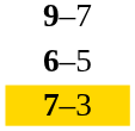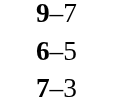 <table style="text-align:center" width=500>
 <tr>
 <th width=30%></th>
 <th width=10%></th>
 <th width=30%></th>
 <th width=10%></th>
 </tr>
 <tr>
 <td align="right"><strong></strong></td>
 <td><strong>9</strong>–7</td>
 <td align="left"></td>
 </tr>
 <tr>
 <td align="right"><strong></strong></td>
 <td><strong>6</strong>–5</td>
 <td align="left"></td>
 </tr>
 <tr>
 <td align="right"><strong></strong></td>
-<td style="background: gold;"><strong>7</strong>–3</td>
+<td><strong>7</strong>–3</td>
 <td align="left"></td>
 </tr>
 </table>
